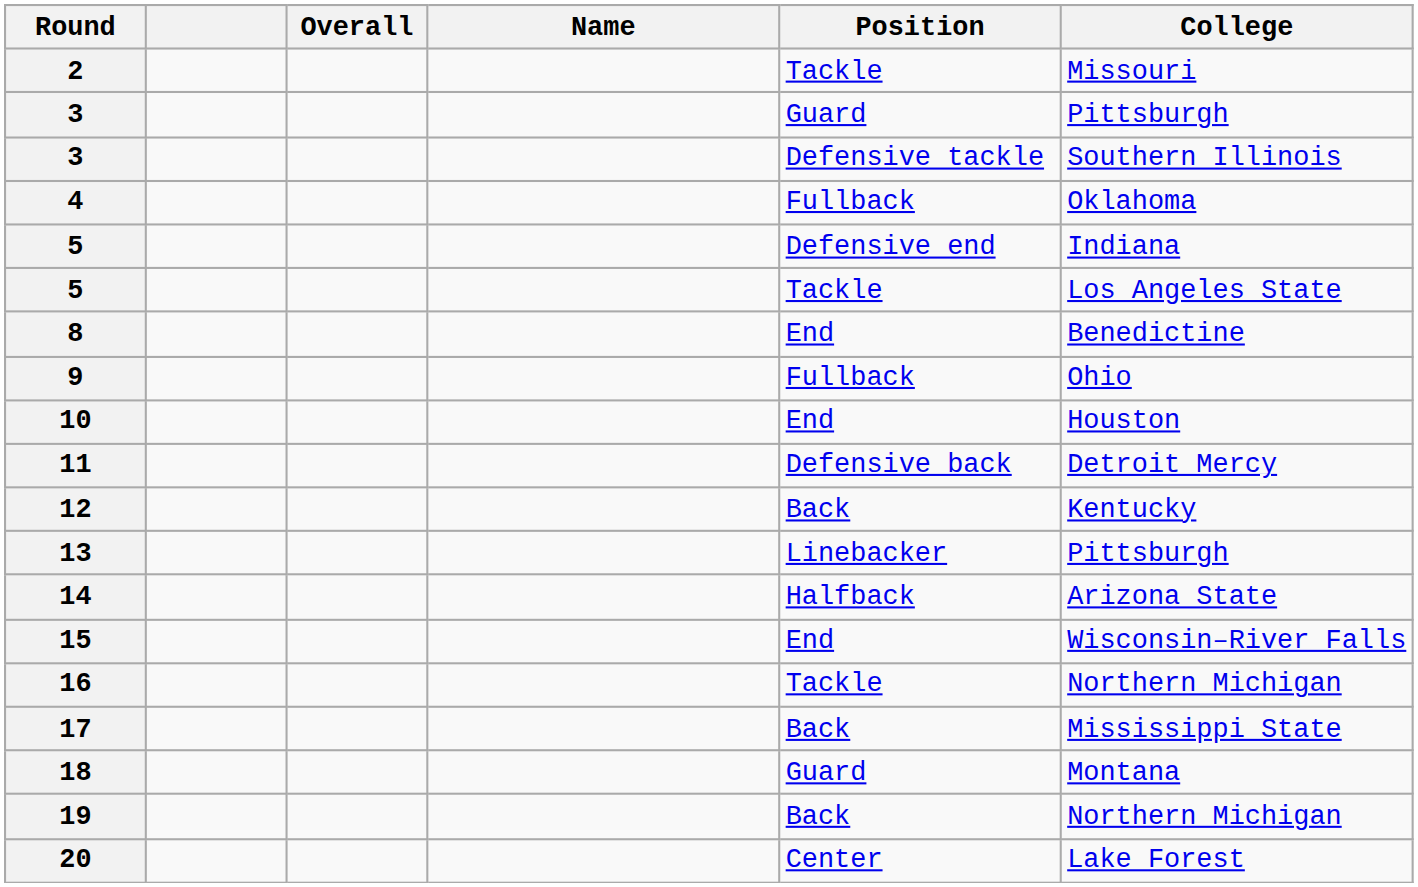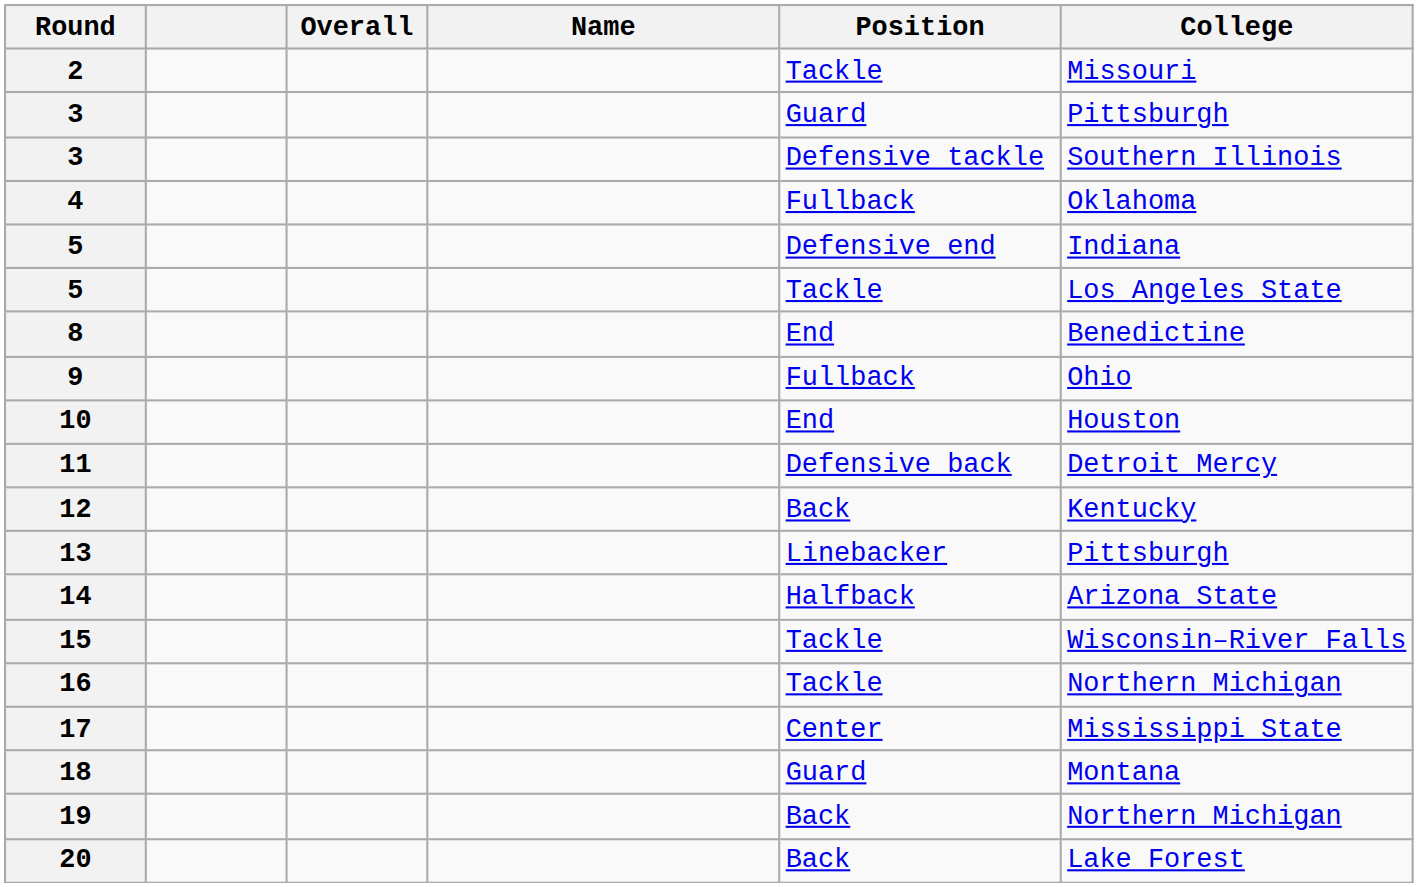 <table class="wikitable sortable">
 <tr>
 <th scope="col" style="width: 10%;">Round</th>
 <th scope="col" style="width: 10%;"></th>
 <th scope="col" style="width: 10%;">Overall</th>
 <th scope="col" style="width: 25%;">Name</th>
 <th scope="col" style="width: 20%;">Position</th>
 <th scope="col" style="width: 25%;">College</th>
 </tr>
 <tr>
 <th scope="row">2</th>
 <td></td>
 <td></td>
 <td></td>
 <td><a href='#'>Tackle</a></td>
 <td><a href='#'>Missouri</a></td>
 </tr>
 <tr>
 <th scope="row">3</th>
 <td></td>
 <td></td>
 <td></td>
 <td><a href='#'>Guard</a></td>
 <td><a href='#'>Pittsburgh</a></td>
 </tr>
 <tr>
 <th scope="row">3</th>
 <td></td>
 <td></td>
 <td></td>
 <td><a href='#'>Defensive tackle</a></td>
 <td><a href='#'>Southern Illinois</a></td>
 </tr>
 <tr>
 <th scope="row">4</th>
 <td></td>
 <td></td>
 <td></td>
 <td><a href='#'>Fullback</a></td>
 <td><a href='#'>Oklahoma</a></td>
 </tr>
 <tr>
 <th scope="row">5</th>
 <td></td>
 <td></td>
 <td></td>
 <td><a href='#'>Defensive end</a></td>
 <td><a href='#'>Indiana</a></td>
 </tr>
 <tr>
 <th scope="row">5</th>
 <td></td>
 <td></td>
 <td></td>
 <td><a href='#'>Tackle</a></td>
 <td><a href='#'>Los Angeles State</a></td>
 </tr>
 <tr>
 <th scope="row">8</th>
 <td></td>
 <td></td>
 <td></td>
 <td><a href='#'>End</a></td>
 <td><a href='#'>Benedictine</a></td>
 </tr>
 <tr>
 <th scope="row">9</th>
 <td></td>
 <td></td>
 <td></td>
 <td><a href='#'>Fullback</a></td>
 <td><a href='#'>Ohio</a></td>
 </tr>
 <tr>
 <th scope="row">10</th>
 <td></td>
 <td></td>
 <td></td>
 <td><a href='#'>End</a></td>
 <td><a href='#'>Houston</a></td>
 </tr>
 <tr>
 <th scope="row">11</th>
 <td></td>
 <td></td>
 <td></td>
 <td><a href='#'>Defensive back</a></td>
 <td><a href='#'>Detroit Mercy</a></td>
 </tr>
 <tr>
 <th scope="row">12</th>
 <td></td>
 <td></td>
 <td></td>
 <td><a href='#'>Back</a></td>
 <td><a href='#'>Kentucky</a></td>
 </tr>
 <tr>
 <th scope="row">13</th>
 <td></td>
 <td></td>
 <td></td>
 <td><a href='#'>Linebacker</a></td>
 <td><a href='#'>Pittsburgh</a></td>
 </tr>
 <tr>
 <th scope="row">14</th>
 <td></td>
 <td></td>
 <td></td>
 <td><a href='#'>Halfback</a></td>
 <td><a href='#'>Arizona State</a></td>
 </tr>
 <tr>
 <th scope="row">15</th>
 <td></td>
 <td></td>
 <td></td>
-<td><a href='#'>End</a></td>
+<td><a href='#'>Tackle</a></td>
 <td><a href='#'>Wisconsin–River Falls</a></td>
 </tr>
 <tr>
 <th scope="row">16</th>
 <td></td>
 <td></td>
 <td></td>
 <td><a href='#'>Tackle</a></td>
 <td><a href='#'>Northern Michigan</a></td>
 </tr>
 <tr>
 <th scope="row">17</th>
 <td></td>
 <td></td>
 <td></td>
-<td><a href='#'>Back</a></td>
+<td><a href='#'>Center</a></td>
 <td><a href='#'>Mississippi State</a></td>
 </tr>
 <tr>
 <th scope="row">18</th>
 <td></td>
 <td></td>
 <td></td>
 <td><a href='#'>Guard</a></td>
 <td><a href='#'>Montana</a></td>
 </tr>
 <tr>
 <th scope="row">19</th>
 <td></td>
 <td></td>
 <td></td>
 <td><a href='#'>Back</a></td>
 <td><a href='#'>Northern Michigan</a></td>
 </tr>
 <tr>
 <th scope="row">20</th>
 <td></td>
 <td></td>
 <td></td>
-<td><a href='#'>Center</a></td>
+<td><a href='#'>Back</a></td>
 <td><a href='#'>Lake Forest</a></td>
 </tr>
 </table>
